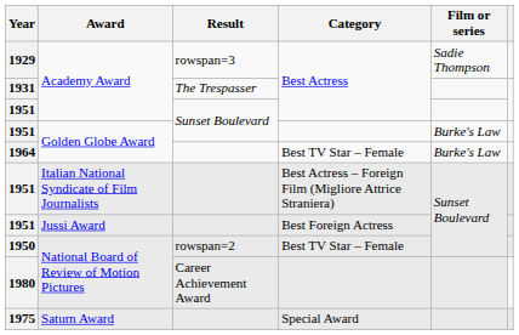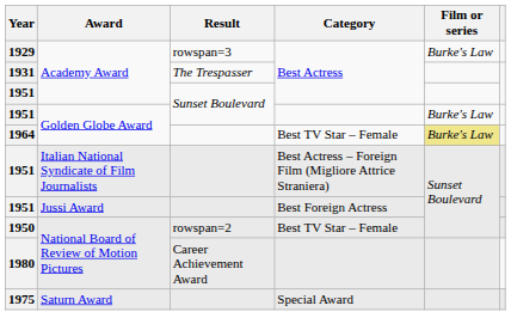 <table class="wikitable sortable plainrowheaders">
 <tr>
 <th scope="col">Year</th>
 <th scope="col">Award</th>
 <th scope="col">Result</th>
 <th scope="col">Category</th>
 <th scope="col">Film or series</th>
 <th scope="col" class="unsortable"></th>
 </tr>
 <tr>
 <th scope="row">1929</th>
 <td rowspan=3><a href='#'>Academy Award</a></td>
 <td>rowspan=3 </td>
 <td rowspan=3><a href='#'>Best Actress</a></td>
-<td><em>Sadie Thompson</em></td>
+<td><em>Burke's Law</em></td>
 <td align="center"></td>
 </tr>
 <tr>
 <th scope="row">1931</th>
 <td><em>The Trespasser</em></td>
 <td align="center"></td>
 </tr>
 <tr>
 <th scope="row">1951</th>
 <td rowspan="2"><em>Sunset Boulevard</em></td>
 <td align="center"></td>
 </tr>
 <tr>
 <th scope="row">1951</th>
 <td rowspan="2"><a href='#'>Golden Globe Award</a></td>
 <td></td>
 <td><em>Burke's Law</em></td>
 <td align="center"></td>
 </tr>
 <tr>
 <th scope="row">1964</th>
 <td></td>
 <td>Best TV Star – Female</td>
-<td><em>Burke's Law</em></td>
+<td style="background: khaki;"><em>Burke's Law</em></td>
 <td align="center"></td>
 </tr>
 <tr style="background-color: #EAEAEA;">
 <th scope="row">1951</th>
 <td><a href='#'>Italian National Syndicate of Film Journalists</a></td>
 <td></td>
 <td>Best Actress – Foreign Film (Migliore Attrice Straniera)</td>
 <td rowspan="3"><em>Sunset Boulevard</em></td>
 <td align="center"></td>
 </tr>
 <tr style="background-color: #EAEAEA;">
 <th scope="row">1951</th>
 <td><a href='#'>Jussi Award</a></td>
 <td></td>
 <td>Best Foreign Actress</td>
 <td align="center"></td>
 </tr>
 <tr style="background-color: #EAEAEA;">
 <th scope="row">1950</th>
 <td rowspan=2><a href='#'>National Board of Review of Motion Pictures</a></td>
 <td>rowspan=2 </td>
 <td>Best TV Star – Female</td>
 <td align="center"></td>
 </tr>
 <tr style="background-color: #EAEAEA;">
 <th scope="row">1980</th>
 <td>Career Achievement Award</td>
 <td></td>
 <td align="center"></td>
 </tr>
 <tr style="background-color: #EAEAEA;">
 <th scope="row">1975</th>
 <td><a href='#'>Saturn Award</a></td>
 <td></td>
 <td>Special Award</td>
 <td></td>
 <td align="center"></td>
 </tr>
 </table>
